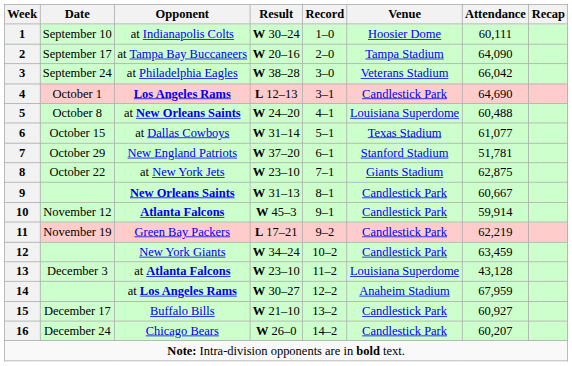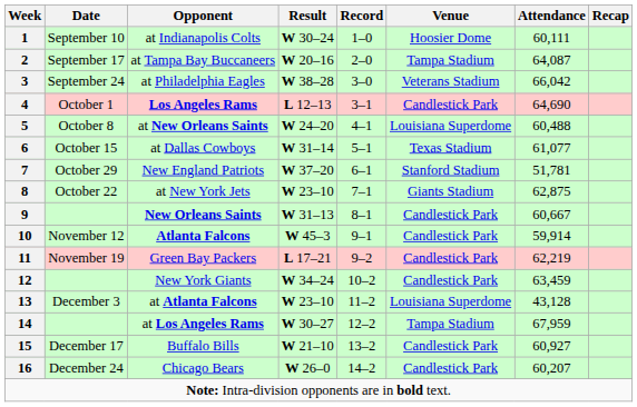 <table class="wikitable" style="text-align:center">
 <tr>
 <th>Week</th>
 <th>Date</th>
 <th>Opponent</th>
 <th>Result</th>
 <th>Record</th>
 <th>Venue</th>
 <th>Attendance</th>
 <th>Recap</th>
 </tr>
 <tr style="background:#cfc">
 <th>1</th>
 <td>September 10</td>
 <td>at <a href='#'>Indianapolis Colts</a></td>
 <td><strong>W</strong> 30–24</td>
 <td>1–0</td>
 <td><a href='#'>Hoosier Dome</a></td>
 <td>60,111</td>
 <td></td>
 </tr>
 <tr style="background:#cfc">
 <th>2</th>
 <td>September 17</td>
 <td>at <a href='#'>Tampa Bay Buccaneers</a></td>
 <td><strong>W</strong> 20–16</td>
 <td>2–0</td>
 <td><a href='#'>Tampa Stadium</a></td>
-<td>64,090</td>
+<td>64,087</td>
 <td></td>
 </tr>
 <tr style="background:#cfc">
 <th>3</th>
 <td>September 24</td>
 <td>at <a href='#'>Philadelphia Eagles</a></td>
 <td><strong>W</strong> 38–28</td>
 <td>3–0</td>
 <td><a href='#'>Veterans Stadium</a></td>
 <td>66,042</td>
 <td></td>
 </tr>
 <tr style="background:#fcc">
 <th>4</th>
 <td>October 1</td>
 <td><strong><a href='#'>Los Angeles Rams</a></strong></td>
 <td><strong>L</strong> 12–13</td>
 <td>3–1</td>
 <td><a href='#'>Candlestick Park</a></td>
 <td>64,690</td>
 <td></td>
 </tr>
 <tr style="background:#cfc">
 <th>5</th>
 <td>October 8</td>
 <td>at <strong><a href='#'>New Orleans Saints</a></strong></td>
 <td><strong>W</strong> 24–20</td>
 <td>4–1</td>
 <td><a href='#'>Louisiana Superdome</a></td>
 <td>60,488</td>
 <td></td>
 </tr>
 <tr style="background:#cfc">
 <th>6</th>
 <td>October 15</td>
 <td>at <a href='#'>Dallas Cowboys</a></td>
 <td><strong>W</strong> 31–14</td>
 <td>5–1</td>
 <td><a href='#'>Texas Stadium</a></td>
 <td>61,077</td>
 <td></td>
 </tr>
 <tr style="background:#cfc">
 <th>7</th>
 <td>October 29</td>
 <td><a href='#'>New England Patriots</a></td>
 <td><strong>W</strong> 37–20</td>
 <td>6–1</td>
 <td><a href='#'>Stanford Stadium</a></td>
 <td>51,781</td>
 <td></td>
 </tr>
 <tr style="background:#cfc">
 <th>8</th>
 <td>October 22</td>
 <td>at <a href='#'>New York Jets</a></td>
 <td><strong>W</strong> 23–10</td>
 <td>7–1</td>
 <td><a href='#'>Giants Stadium</a></td>
 <td>62,875</td>
 <td></td>
 </tr>
 <tr style="background:#cfc">
 <th>9</th>
 <td></td>
 <td><strong><a href='#'>New Orleans Saints</a></strong></td>
 <td><strong>W</strong> 31–13</td>
 <td>8–1</td>
 <td><a href='#'>Candlestick Park</a></td>
 <td>60,667</td>
 <td></td>
 </tr>
 <tr style="background:#cfc">
 <th>10</th>
 <td>November 12</td>
 <td><strong><a href='#'>Atlanta Falcons</a></strong></td>
 <td><strong>W</strong> 45–3</td>
 <td>9–1</td>
 <td><a href='#'>Candlestick Park</a></td>
 <td>59,914</td>
 <td></td>
 </tr>
 <tr style="background:#fcc">
 <th>11</th>
 <td>November 19</td>
 <td><a href='#'>Green Bay Packers</a></td>
 <td><strong>L</strong> 17–21</td>
 <td>9–2</td>
 <td><a href='#'>Candlestick Park</a></td>
 <td>62,219</td>
 <td></td>
 </tr>
 <tr style="background:#cfc">
 <th>12</th>
 <td></td>
 <td><a href='#'>New York Giants</a></td>
 <td><strong>W</strong> 34–24</td>
 <td>10–2</td>
 <td><a href='#'>Candlestick Park</a></td>
 <td>63,459</td>
 <td></td>
 </tr>
 <tr style="background:#cfc">
 <th>13</th>
 <td>December 3</td>
 <td>at <strong><a href='#'>Atlanta Falcons</a></strong></td>
 <td><strong>W</strong> 23–10</td>
 <td>11–2</td>
 <td><a href='#'>Louisiana Superdome</a></td>
 <td>43,128</td>
 <td></td>
 </tr>
 <tr style="background:#cfc">
 <th>14</th>
 <td></td>
 <td>at <strong><a href='#'>Los Angeles Rams</a></strong></td>
 <td><strong>W</strong> 30–27</td>
 <td>12–2</td>
-<td><a href='#'>Anaheim Stadium</a></td>
+<td><a href='#'>Tampa Stadium</a></td>
 <td>67,959</td>
 <td></td>
 </tr>
 <tr style="background:#cfc">
 <th>15</th>
 <td>December 17</td>
 <td><a href='#'>Buffalo Bills</a></td>
 <td><strong>W</strong> 21–10</td>
 <td>13–2</td>
 <td><a href='#'>Candlestick Park</a></td>
 <td>60,927</td>
 <td></td>
 </tr>
 <tr style="background:#cfc">
 <th>16</th>
 <td>December 24</td>
 <td><a href='#'>Chicago Bears</a></td>
 <td><strong>W</strong> 26–0</td>
 <td>14–2</td>
 <td><a href='#'>Candlestick Park</a></td>
 <td>60,207</td>
 <td></td>
 </tr>
 <tr>
 <td colspan="8"><strong>Note:</strong> Intra-division opponents are in <strong>bold</strong> text.</td>
 </tr>
 </table>
